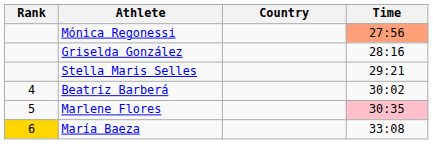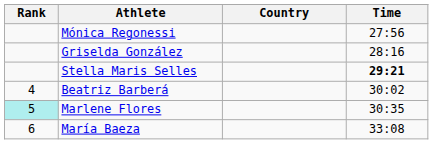 <table class="wikitable sortable" style=" text-align:center; font-size:95%;" width="50%">
 <tr>
 </tr>
 <tr>
 <th width=5%>Rank</th>
 <th width=20%>Athlete</th>
 <th width=15%>Country</th>
 <th width=10%>Time</th>
 </tr>
 <tr>
 <td align=center></td>
 <td align=left><a href='#'>Mónica Regonessi</a></td>
 <td align=left></td>
-<td style="background: lightsalmon;">27:56</td>
+<td>27:56</td>
 </tr>
 <tr>
 <td align=center></td>
 <td align=left><a href='#'>Griselda González</a></td>
 <td align=left></td>
 <td>28:16</td>
 </tr>
 <tr>
 <td align=center></td>
 <td align=left><a href='#'>Stella Maris Selles</a></td>
 <td align=left></td>
-<td>29:21</td>
+<td><strong>29:21</strong></td>
 </tr>
 <tr>
 <td align=center>4</td>
 <td align=left><a href='#'>Beatriz Barberá</a></td>
 <td align=left></td>
 <td>30:02</td>
 </tr>
 <tr>
-<td align=center>5</td>
+<td align=center style="background: paleturquoise;">5</td>
 <td align=left><a href='#'>Marlene Flores</a></td>
 <td align=left></td>
-<td style="background: pink;">30:35</td>
+<td>30:35</td>
 </tr>
 <tr>
-<td align=center style="background: gold;">6</td>
+<td align=center>6</td>
 <td align=left><a href='#'>María Baeza</a></td>
 <td align=left></td>
 <td>33:08</td>
 </tr>
 </table>
